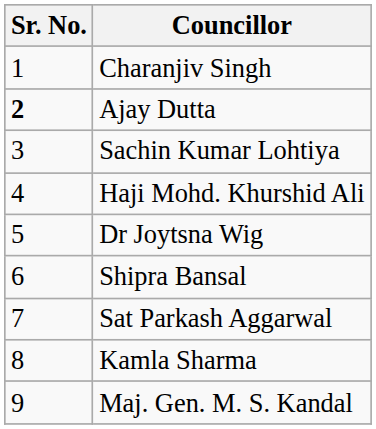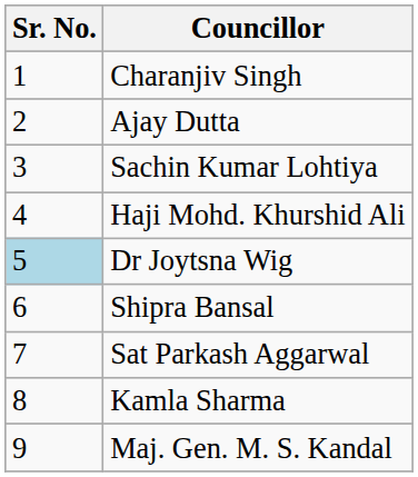 <table class="wikitable sortable">
 <tr>
 <th>Sr. No.</th>
 <th>Councillor</th>
 </tr>
 <tr>
 <td>1</td>
 <td>Charanjiv Singh</td>
 </tr>
 <tr>
-<td><strong>2</strong></td>
+<td>2</td>
 <td>Ajay Dutta</td>
 </tr>
 <tr>
 <td>3</td>
 <td>Sachin Kumar Lohtiya</td>
 </tr>
 <tr>
 <td>4</td>
 <td>Haji Mohd. Khurshid Ali</td>
 </tr>
 <tr>
-<td>5</td>
+<td style="background: lightblue;">5</td>
 <td>Dr Joytsna Wig</td>
 </tr>
 <tr>
 <td>6</td>
 <td>Shipra Bansal</td>
 </tr>
 <tr>
 <td>7</td>
 <td>Sat Parkash Aggarwal</td>
 </tr>
 <tr>
 <td>8</td>
 <td>Kamla Sharma</td>
 </tr>
 <tr>
 <td>9</td>
 <td>Maj. Gen. M. S. Kandal</td>
 </tr>
 </table>
